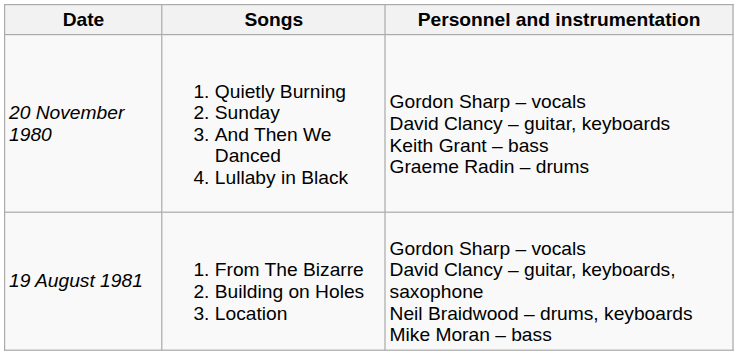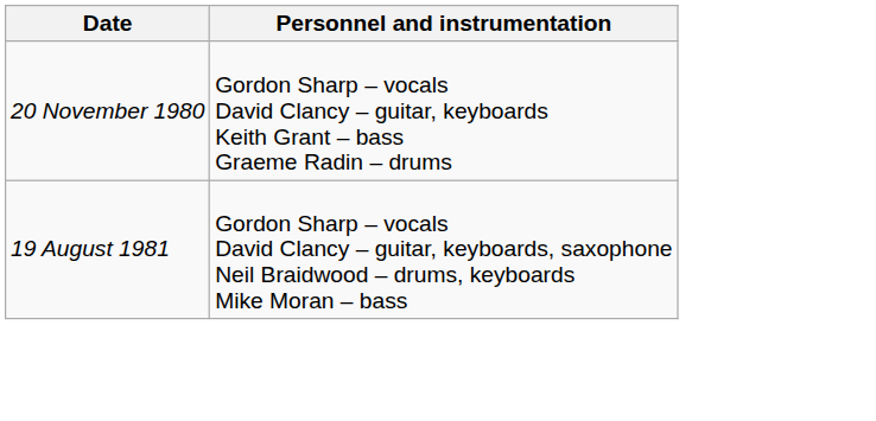 <table class="wikitable">
 <tr>
 <th>Date</th>
-<th>Songs</th>
 <th>Personnel and instrumentation</th>
 </tr>
 <tr>
 <td><em>20 November 1980</em></td>
-<td><br><ol><li>Quietly Burning</li><li>Sunday</li><li>And Then We Danced</li><li>Lullaby in Black</li></ol></td>
 <td><br>Gordon Sharp – vocals<br> David Clancy – guitar, keyboards<br> Keith Grant – bass<br> Graeme Radin – drums</td>
 </tr>
 <tr>
 <td><em>19 August 1981</em></td>
-<td><br><ol><li>From The Bizarre</li><li>Building on Holes</li><li>Location</li></ol></td>
 <td><br>Gordon Sharp – vocals<br> David Clancy – guitar, keyboards, saxophone<br> Neil Braidwood – drums, keyboards<br> Mike Moran – bass</td>
 </tr>
 </table>
